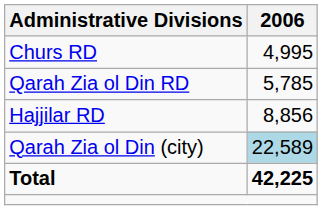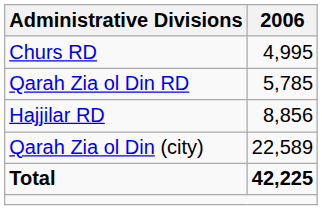 <table class="wikitable">
 <tr>
 <th>Administrative Divisions</th>
 <th>2006</th>
 </tr>
 <tr>
 <td><a href='#'>Churs RD</a></td>
 <td style="text-align: right;">4,995</td>
 </tr>
 <tr>
 <td><a href='#'>Qarah Zia ol Din RD</a></td>
 <td style="text-align: right;">5,785</td>
 </tr>
 <tr>
 <td><a href='#'>Hajjilar RD</a></td>
 <td style="text-align: right;">8,856</td>
 </tr>
 <tr>
 <td><a href='#'>Qarah Zia ol Din</a> (city)</td>
-<td style="background: lightblue; text-align: right;">22,589</td>
+<td style="text-align: right;">22,589</td>
 </tr>
 <tr>
 <td><strong>Total</strong></td>
 <td style="text-align: right;"><strong>42,225</strong></td>
 </tr>
 <tr>
 <td colspan=2></td>
 </tr>
 </table>
